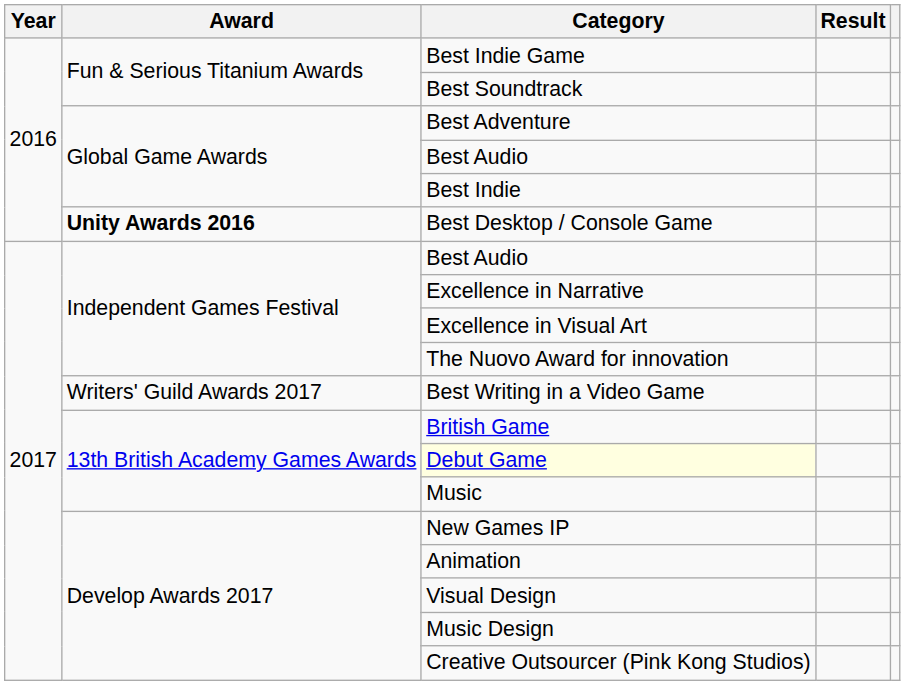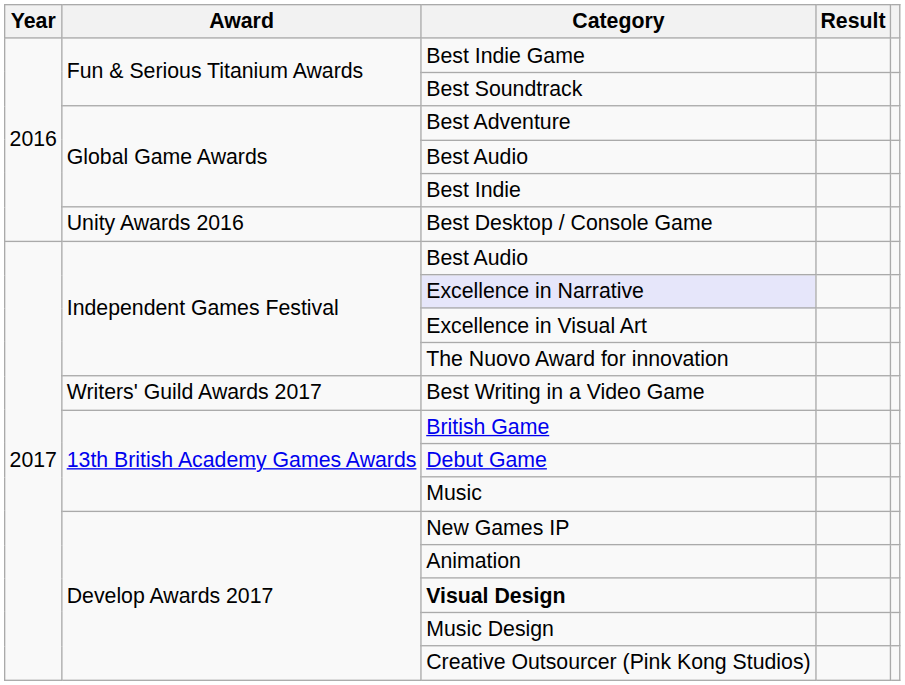 <table class="wikitable sortable">
 <tr>
 <th>Year</th>
 <th>Award</th>
 <th>Category</th>
 <th>Result</th>
 <th></th>
 </tr>
 <tr>
 <td rowspan="6">2016</td>
 <td rowspan="2">Fun & Serious Titanium Awards</td>
 <td>Best Indie Game</td>
 <td></td>
 <td></td>
 </tr>
 <tr>
 <td>Best Soundtrack</td>
 <td></td>
 <td></td>
 </tr>
 <tr>
 <td rowspan="3">Global Game Awards</td>
 <td>Best Adventure</td>
 <td></td>
 <td></td>
 </tr>
 <tr>
 <td>Best Audio</td>
 <td></td>
 <td></td>
 </tr>
 <tr>
 <td>Best Indie</td>
 <td></td>
 <td></td>
 </tr>
 <tr>
-<td><strong>Unity Awards 2016</strong></td>
+<td>Unity Awards 2016</td>
 <td>Best Desktop / Console Game</td>
 <td></td>
 <td></td>
 </tr>
 <tr>
 <td rowspan="13">2017</td>
 <td rowspan="4">Independent Games Festival</td>
 <td>Best Audio</td>
 <td></td>
 <td></td>
 </tr>
 <tr>
-<td>Excellence in Narrative</td>
+<td style="background: lavender;">Excellence in Narrative</td>
 <td></td>
 <td></td>
 </tr>
 <tr>
 <td>Excellence in Visual Art</td>
 <td></td>
 <td></td>
 </tr>
 <tr>
 <td>The Nuovo Award for innovation</td>
 <td></td>
 <td></td>
 </tr>
 <tr>
 <td>Writers' Guild Awards 2017</td>
 <td>Best Writing in a Video Game</td>
 <td></td>
 <td></td>
 </tr>
 <tr>
 <td rowspan="3"><a href='#'>13th British Academy Games Awards</a></td>
 <td><a href='#'>British Game</a></td>
 <td></td>
 <td></td>
 </tr>
 <tr>
-<td style="background: lightyellow;"><a href='#'>Debut Game</a></td>
+<td><a href='#'>Debut Game</a></td>
 <td></td>
 <td></td>
 </tr>
 <tr>
 <td>Music</td>
 <td></td>
 <td></td>
 </tr>
 <tr>
 <td rowspan="5">Develop Awards 2017</td>
 <td>New Games IP</td>
 <td></td>
 <td></td>
 </tr>
 <tr>
 <td>Animation</td>
 <td></td>
 <td></td>
 </tr>
 <tr>
-<td>Visual Design</td>
+<td><strong>Visual Design</strong></td>
 <td></td>
 <td></td>
 </tr>
 <tr>
 <td>Music Design</td>
 <td></td>
 <td></td>
 </tr>
 <tr>
 <td>Creative Outsourcer (Pink Kong Studios)</td>
 <td></td>
 <td></td>
 </tr>
 </table>
